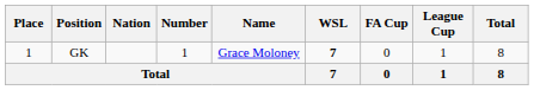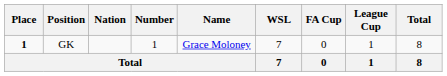 <table class="wikitable" style="font-size: 95%; text-align: center;">
 <tr>
 <th width=60>Place</th>
 <th width=60>Position</th>
 <th width=60>Nation</th>
 <th width=60>Number</th>
 <th width=150>Name</th>
 <th width=80>WSL</th>
 <th width=80>FA Cup</th>
 <th width=80>League Cup</th>
 <th width=80>Total</th>
 </tr>
 <tr>
-<td>1</td>
+<td><strong>1</strong></td>
 <td>GK</td>
 <td></td>
 <td>1</td>
 <td><a href='#'>Grace Moloney</a></td>
-<td><strong>7</strong></td>
+<td>7</td>
 <td>0</td>
 <td>1</td>
 <td>8</td>
 </tr>
 <tr>
 <th colspan=5>Total</th>
 <th>7</th>
 <th>0</th>
 <th>1</th>
 <th>8</th>
 </tr>
 </table>
